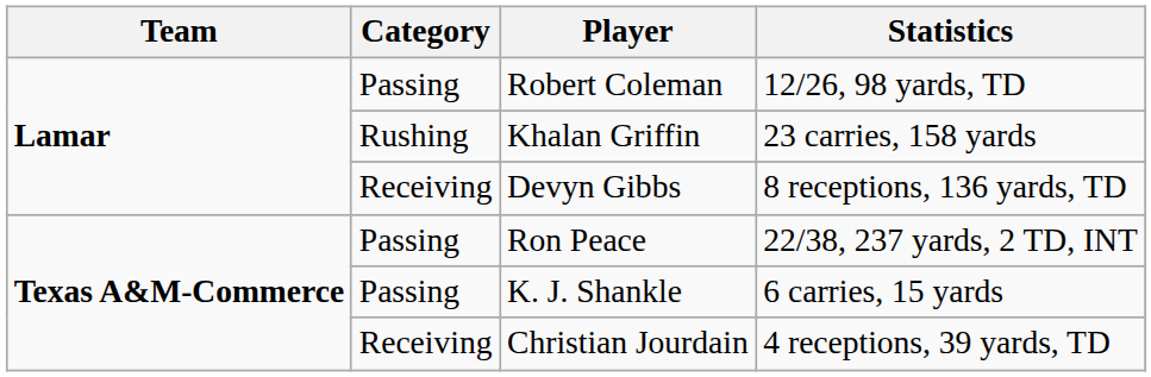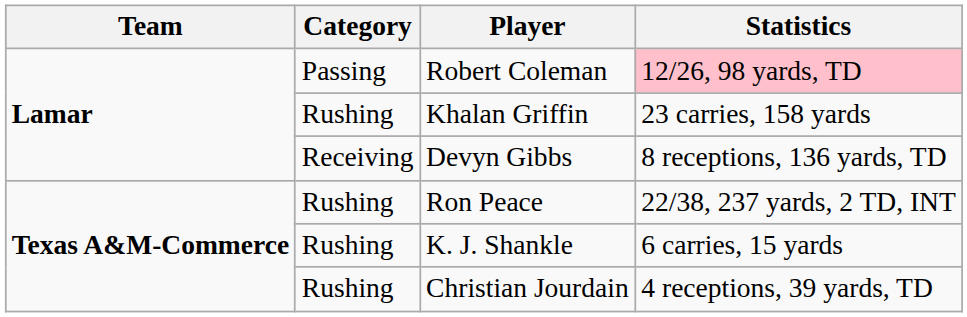 <table class="wikitable" style="float: right;">
 <tr>
 <th>Team</th>
 <th>Category</th>
 <th>Player</th>
 <th>Statistics</th>
 </tr>
 <tr>
 <td rowspan=3><strong>Lamar</strong></td>
 <td>Passing</td>
 <td>Robert Coleman</td>
-<td>12/26, 98 yards, TD</td>
+<td style="background: pink;">12/26, 98 yards, TD</td>
 </tr>
 <tr>
 <td>Rushing</td>
 <td>Khalan Griffin</td>
 <td>23 carries, 158 yards</td>
 </tr>
 <tr>
 <td>Receiving</td>
 <td>Devyn Gibbs</td>
 <td>8 receptions, 136 yards, TD</td>
 </tr>
 <tr>
 <td rowspan=3><strong>Texas A&M-Commerce</strong></td>
-<td>Passing</td>
+<td>Rushing</td>
 <td>Ron Peace</td>
 <td>22/38, 237 yards, 2 TD, INT</td>
 </tr>
 <tr>
-<td>Passing</td>
+<td>Rushing</td>
 <td>K. J. Shankle</td>
 <td>6 carries, 15 yards</td>
 </tr>
 <tr>
-<td>Receiving</td>
+<td>Rushing</td>
 <td>Christian Jourdain</td>
 <td>4 receptions, 39 yards, TD</td>
 </tr>
 </table>
